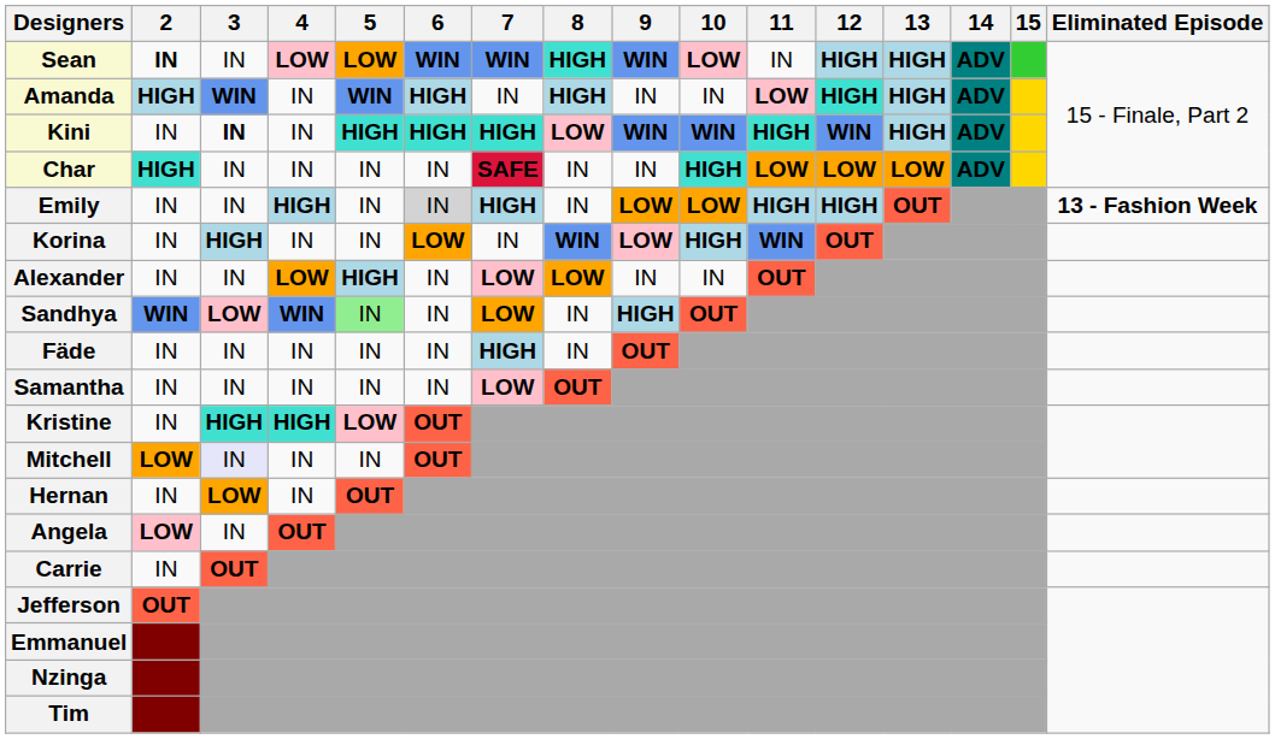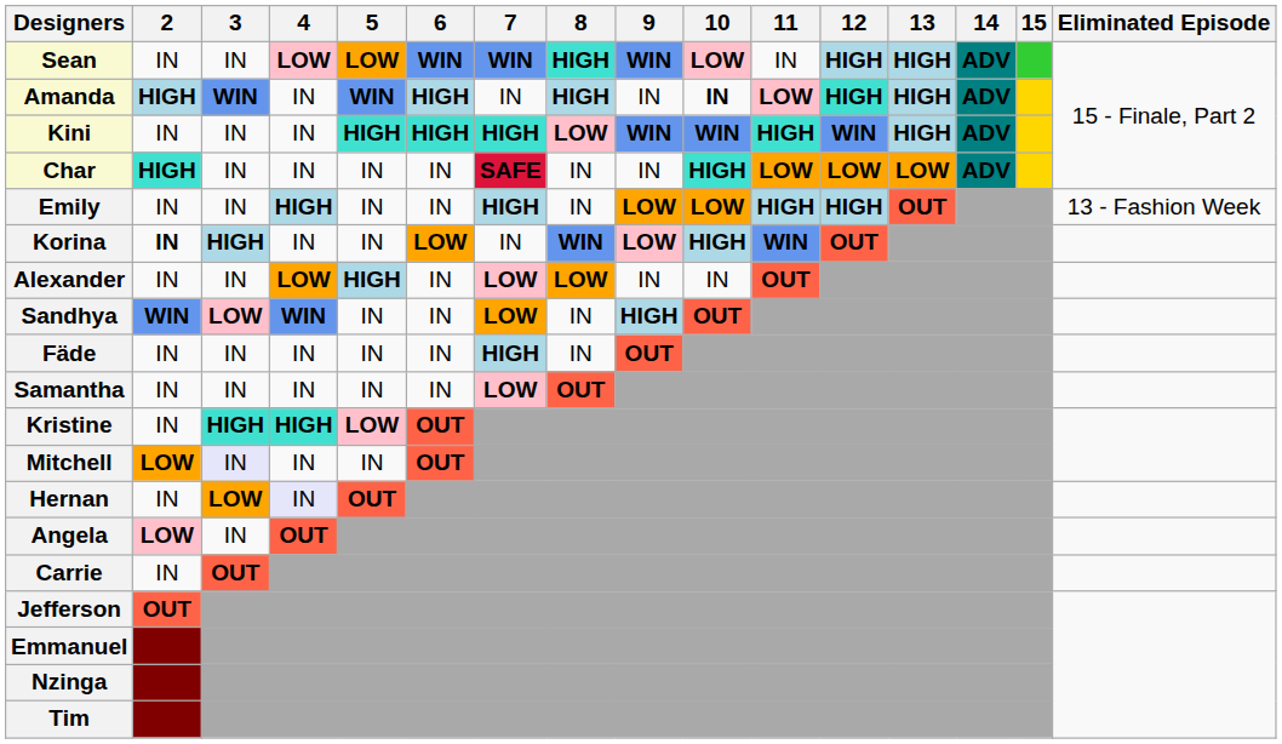 <table class="wikitable" style="text-align:center">
 <tr>
 <th>Designers</th>
 <th>2</th>
 <th>3</th>
 <th>4</th>
 <th>5</th>
 <th>6</th>
 <th>7</th>
 <th>8</th>
 <th>9</th>
 <th>10</th>
 <th>11</th>
 <th>12</th>
 <th>13</th>
 <th>14</th>
 <th>15</th>
 <th>Eliminated Episode</th>
 </tr>
 <tr>
 <th style="background:#FAFAD2;">Sean</th>
-<td><strong>IN</strong></td>
+<td>IN</td>
 <td>IN</td>
 <td style="background:pink;"><strong>LOW</strong></td>
 <td style="background:orange;"><strong>LOW</strong></td>
 <td style="background:cornflowerblue;"><strong>WIN</strong></td>
 <td style="background:cornflowerblue;"><strong>WIN</strong></td>
 <td style="background:turquoise;"><strong>HIGH</strong></td>
 <td style="background:cornflowerblue;"><strong>WIN</strong></td>
 <td style="background:pink;"><strong>LOW</strong></td>
 <td>IN</td>
 <td style="background:lightblue;"><strong>HIGH</strong></td>
 <td style="background:lightblue;"><strong>HIGH</strong></td>
 <td style="background:teal;"><strong>ADV</strong></td>
 <td style="background:Limegreen;"><strong></strong></td>
 <td rowspan="4">15 - Finale, Part 2</td>
 </tr>
 <tr>
 <th style="background:#FAFAD2;">Amanda</th>
 <td style="background:lightblue;"><strong>HIGH</strong></td>
 <td style="background:cornflowerblue;"><strong>WIN</strong></td>
 <td>IN</td>
 <td style="background:cornflowerblue;"><strong>WIN</strong></td>
 <td style="background:lightblue;"><strong>HIGH</strong></td>
 <td>IN</td>
 <td style="background:lightblue;"><strong>HIGH</strong></td>
 <td>IN</td>
-<td>IN</td>
+<td><strong>IN</strong></td>
 <td style="background:pink;"><strong>LOW</strong></td>
 <td style="background:turquoise;"><strong>HIGH</strong></td>
 <td style="background:lightblue;"><strong>HIGH</strong></td>
 <td style="background:teal;"><strong>ADV</strong></td>
 <td style="background:gold;"><strong></strong></td>
 </tr>
 <tr>
 <th style="background:#FAFAD2;">Kini</th>
 <td>IN</td>
-<td><strong>IN</strong></td>
+<td>IN</td>
 <td>IN</td>
 <td style="background:turquoise;"><strong>HIGH</strong></td>
 <td style="background:turquoise;"><strong>HIGH</strong></td>
 <td style="background:turquoise;"><strong>HIGH</strong></td>
 <td style="background:pink;"><strong>LOW</strong></td>
 <td style="background:cornflowerblue;"><strong>WIN</strong></td>
 <td style="background:cornflowerblue;"><strong>WIN</strong></td>
 <td style="background:turquoise;"><strong>HIGH</strong></td>
 <td style="background:cornflowerblue;"><strong>WIN</strong></td>
 <td style="background:lightblue;"><strong>HIGH</strong></td>
 <td style="background:teal;"><strong>ADV</strong></td>
 <td style="background:gold;"></td>
 </tr>
 <tr>
 <th style="background:#FAFAD2;">Char</th>
 <td style="background:turquoise;"><strong>HIGH</strong></td>
 <td>IN</td>
 <td>IN</td>
 <td>IN</td>
 <td>IN</td>
 <td style="background:crimson;"><strong>SAFE</strong></td>
 <td>IN</td>
 <td>IN</td>
 <td style="background:turquoise;"><strong>HIGH</strong></td>
 <td style="background:orange;"><strong>LOW</strong></td>
 <td style="background:orange;"><strong>LOW</strong></td>
 <td style="background:orange;"><strong>LOW</strong></td>
 <td style="background:teal;"><strong>ADV</strong></td>
 <td style="background:gold;"></td>
 </tr>
 <tr>
 <th>Emily</th>
 <td>IN</td>
 <td>IN</td>
 <td style="background:lightblue;"><strong>HIGH</strong></td>
 <td>IN</td>
-<td style="background: lightgrey;">IN</td>
+<td>IN</td>
 <td style="background:lightblue;"><strong>HIGH</strong></td>
 <td>IN</td>
 <td style="background:orange;"><strong>LOW</strong></td>
 <td style="background:orange;"><strong>LOW</strong></td>
 <td style="background:lightblue;"><strong>HIGH</strong></td>
 <td style="background:lightblue;"><strong>HIGH</strong></td>
 <td style="background:tomato;"><strong>OUT</strong></td>
 <td style="background:darkgray;" colspan="2"></td>
-<td><strong>13 - Fashion Week</strong></td>
+<td>13 - Fashion Week</td>
 </tr>
 <tr>
 <th>Korina</th>
-<td>IN</td>
+<td><strong>IN</strong></td>
 <td style="background:lightblue;"><strong>HIGH</strong></td>
 <td>IN</td>
 <td>IN</td>
 <td style="background:orange;"><strong>LOW</strong></td>
 <td>IN</td>
 <td style="background:cornflowerblue;"><strong>WIN</strong></td>
 <td style="background:pink;"><strong>LOW</strong></td>
 <td style="background:lightblue;"><strong>HIGH</strong></td>
 <td style="background:cornflowerblue;"><strong>WIN</strong></td>
 <td style="background:tomato;"><strong>OUT</strong></td>
 <td style="background:darkgray;" colspan="3"></td>
 <td style="text-align:center" rowspan="1"></td>
 </tr>
 <tr>
 <th>Alexander</th>
 <td>IN</td>
 <td>IN</td>
 <td style="background:orange;"><strong>LOW</strong></td>
 <td style="background:lightblue;"><strong>HIGH</strong></td>
 <td>IN</td>
 <td style="background:pink;"><strong>LOW</strong></td>
 <td style="background:orange;"><strong>LOW</strong></td>
 <td>IN</td>
 <td>IN</td>
 <td style="background:tomato;"><strong>OUT</strong></td>
 <td style="background:darkgray;" colspan="4"></td>
 <td style="text-align:center" rowspan="1"></td>
 </tr>
 <tr>
 <th>Sandhya</th>
 <td style="background:cornflowerblue;"><strong>WIN</strong></td>
 <td style="background:pink;"><strong>LOW</strong></td>
 <td style="background:cornflowerblue;"><strong>WIN</strong></td>
-<td style="background: lightgreen;">IN</td>
+<td>IN</td>
 <td>IN</td>
 <td style="background:orange;"><strong>LOW</strong></td>
 <td>IN</td>
 <td style="background:lightblue;"><strong>HIGH</strong></td>
 <td style="background:tomato;"><strong>OUT</strong></td>
 <td style="background:darkgray;" colspan="5"></td>
 <td style="text-align:center" rowspan="1"></td>
 </tr>
 <tr>
 <th>Fäde</th>
 <td>IN</td>
 <td>IN</td>
 <td>IN</td>
 <td>IN</td>
 <td>IN</td>
 <td style="background:lightblue;"><strong>HIGH</strong></td>
 <td>IN</td>
 <td style="background:tomato;"><strong>OUT</strong></td>
 <td style="background:darkgray;" colspan="6"></td>
 <td></td>
 </tr>
 <tr>
 <th>Samantha</th>
 <td>IN</td>
 <td>IN</td>
 <td>IN</td>
 <td>IN</td>
 <td>IN</td>
 <td style="background:pink;"><strong>LOW</strong></td>
 <td style="background:tomato;"><strong>OUT</strong></td>
 <td style="background:darkgray;" colspan="7"></td>
 <td></td>
 </tr>
 <tr>
 <th>Kristine</th>
 <td>IN</td>
 <td style="background:turquoise;"><strong>HIGH</strong></td>
 <td style="background:turquoise;"><strong>HIGH</strong></td>
 <td style="background:pink;"><strong>LOW</strong></td>
 <td style="background:tomato;"><strong>OUT</strong></td>
 <td style="background:darkgray;" colspan="9"></td>
 <td style="text-align:center" rowspan="2"></td>
 </tr>
 <tr>
 <th>Mitchell</th>
 <td style="background:orange;"><strong>LOW</strong></td>
 <td style="background: lavender;">IN</td>
 <td>IN</td>
 <td>IN</td>
 <td style="background:tomato;"><strong>OUT</strong></td>
 <td style="background:darkgray;" colspan="9"></td>
 </tr>
 <tr>
 <th>Hernan</th>
 <td>IN</td>
 <td style="background:orange;"><strong>LOW</strong></td>
-<td>IN</td>
+<td style="background: lavender;">IN</td>
 <td style="background:tomato;"><strong>OUT</strong></td>
 <td style="background:darkgray;" colspan="10"></td>
 <td></td>
 </tr>
 <tr>
 <th>Angela</th>
 <td style="background:pink;"><strong>LOW</strong></td>
 <td>IN</td>
 <td style="background:tomato;"><strong>OUT</strong></td>
 <td style="background:darkgray;" colspan="11"></td>
 <td></td>
 </tr>
 <tr>
 <th>Carrie</th>
 <td>IN</td>
 <td style="background:tomato;"><strong>OUT</strong></td>
 <td style="background:darkgray;" colspan="12"></td>
 <td></td>
 </tr>
 <tr>
 <th>Jefferson</th>
 <td style="background:tomato;"><strong>OUT</strong></td>
 <td style="background:darkgray;" colspan="13"></td>
 <td rowspan="4"></td>
 </tr>
 <tr>
 <th>Emmanuel</th>
 <td bgcolor="maroon"></td>
 <td style="background:darkgray;" colspan="13"></td>
 </tr>
 <tr>
 <th>Nzinga</th>
 <td bgcolor="maroon"></td>
 <td style="background:darkgray;" colspan="13"></td>
 </tr>
 <tr>
 <th>Tim</th>
 <td bgcolor="maroon"></td>
 <td style="background:darkgray;" colspan="13"></td>
 </tr>
 </table>
